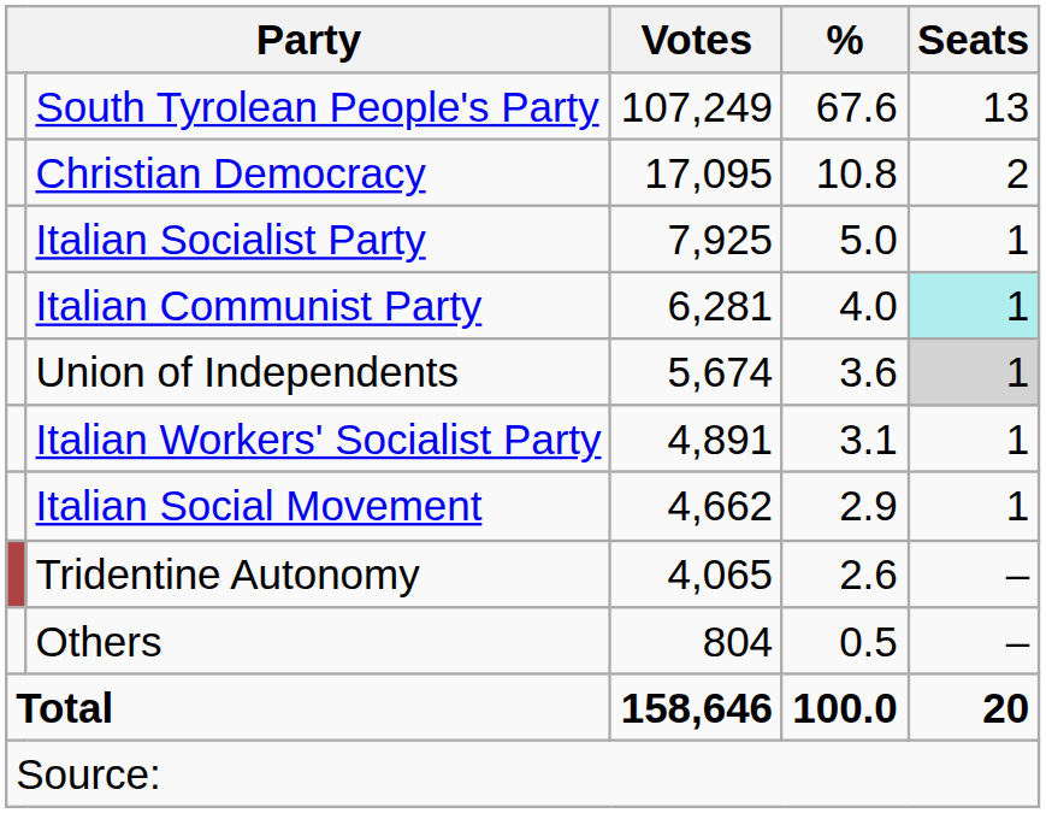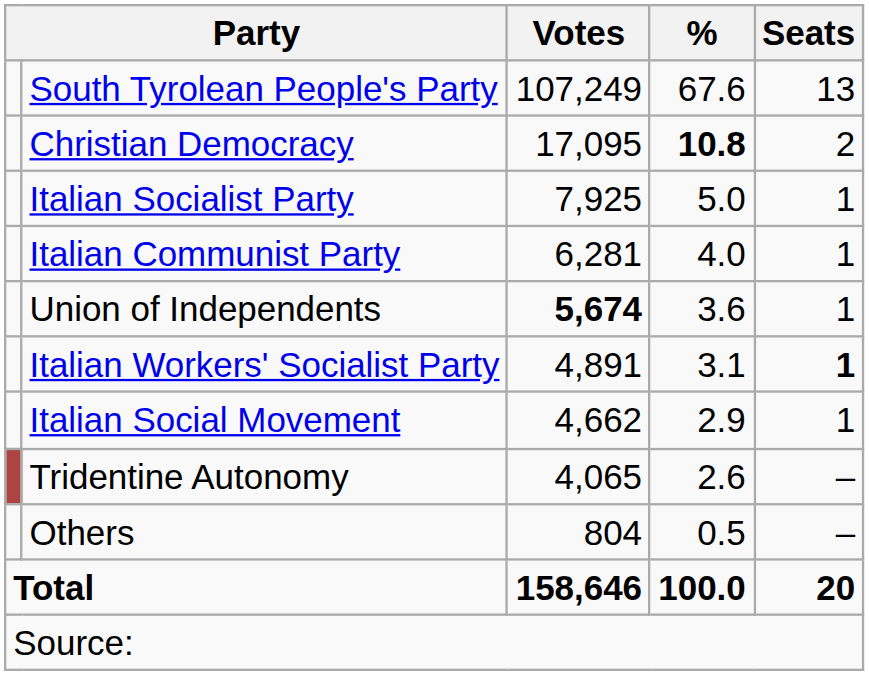 <table class="wikitable" style="font-size:95%; text-align:right;">
 <tr>
 <th colspan=2>Party</th>
 <th>Votes</th>
 <th>%</th>
 <th>Seats</th>
 </tr>
 <tr>
 <td style="background:"></td>
 <td align=left><a href='#'>South Tyrolean People's Party</a></td>
 <td>107,249</td>
 <td>67.6</td>
 <td>13</td>
 </tr>
 <tr>
 <td style="background:"></td>
 <td align=left><a href='#'>Christian Democracy</a></td>
 <td>17,095</td>
-<td>10.8</td>
+<td><strong>10.8</strong></td>
 <td>2</td>
 </tr>
 <tr>
 <td style="background:"></td>
 <td align=left><a href='#'>Italian Socialist Party</a></td>
 <td>7,925</td>
 <td>5.0</td>
 <td>1</td>
 </tr>
 <tr>
 <td style="background:"></td>
 <td align=left><a href='#'>Italian Communist Party</a></td>
 <td>6,281</td>
 <td>4.0</td>
-<td style="background: paleturquoise;">1</td>
+<td>1</td>
 </tr>
 <tr>
 <td style="background:"></td>
 <td align=left>Union of Independents</td>
-<td>5,674</td>
+<td><strong>5,674</strong></td>
 <td>3.6</td>
-<td style="background: lightgrey;">1</td>
+<td>1</td>
 </tr>
 <tr>
 <td style="background:"></td>
 <td align=left><a href='#'>Italian Workers' Socialist Party</a></td>
 <td>4,891</td>
 <td>3.1</td>
-<td>1</td>
+<td><strong>1</strong></td>
 </tr>
 <tr>
 <td style="background:"></td>
 <td align=left><a href='#'>Italian Social Movement</a></td>
 <td>4,662</td>
 <td>2.9</td>
 <td>1</td>
 </tr>
 <tr>
 <td style="background:#AD4343"></td>
 <td align=left>Tridentine Autonomy</td>
 <td>4,065</td>
 <td>2.6</td>
 <td>–</td>
 </tr>
 <tr>
 <td style="background:"></td>
 <td align=left>Others</td>
 <td>804</td>
 <td>0.5</td>
 <td>–</td>
 </tr>
 <tr>
 <td colspan=2 align=left><strong>Total</strong></td>
 <td><strong>158,646</strong></td>
 <td><strong>100.0</strong></td>
 <td><strong>20</strong></td>
 </tr>
 <tr>
 <td colspan=5 align=left>Source:  </td>
 </tr>
 </table>
